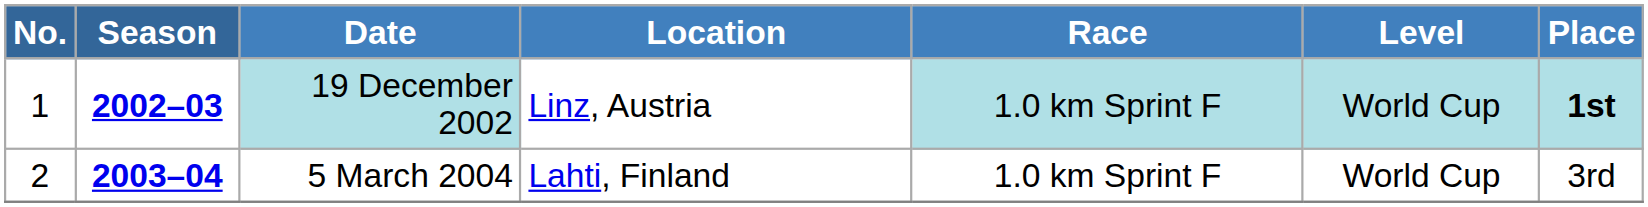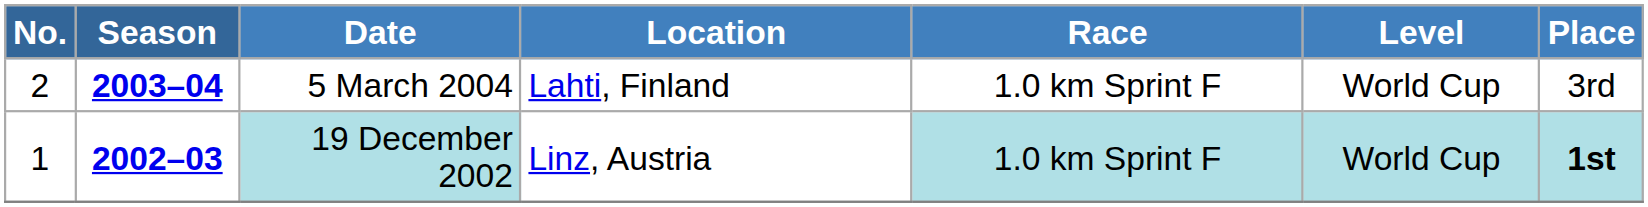 <table class="wikitable sortable" style="font-size:95%; text-align:center; border:grey solid 1px; border-collapse:collapse; background:#ffffff;">
 <tr style="background:#efefef;">
 <th style="background-color:#369; color:white;">No.</th>
 <th style="background-color:#369; color:white;">Season</th>
 <th style="background-color:#4180be; color:white; width:120px;">Date</th>
 <th style="background-color:#4180be; color:white; width:170px;">Location</th>
 <th style="background-color:#4180be; color:white; width:170px;">Race</th>
 <th style="background-color:#4180be; color:white; width:100px;">Level</th>
 <th style="background-color:#4180be; color:white;">Place</th>
 </tr>
 <tr>
+<td align=center>2</td>
+<td rowspan=1 align=center><strong> <a href='#'>2003–04</a> </strong></td>
+<td align=right>5 March 2004</td>
+<td align=left> <a href='#'>Lahti</a>, Finland</td>
+<td>1.0 km Sprint F</td>
+<td>World Cup</td>
+<td>3rd</td>
+</tr>
+<tr>
 <td align=center>1</td>
 <td rowspan=1 align=center><strong><a href='#'>2002–03</a></strong></td>
 <td bgcolor="#BOEOE6" align=right>19 December 2002</td>
 <td align=left> <a href='#'>Linz</a>, Austria</td>
 <td bgcolor="#BOEOE6">1.0 km Sprint F</td>
 <td bgcolor="#BOEOE6">World Cup</td>
 <td bgcolor="#BOEOE6"><strong>1st</strong></td>
 </tr>
 <tr>
-<td align=center>2</td>
-<td rowspan=1 align=center><strong> <a href='#'>2003–04</a> </strong></td>
-<td align=right>5 March 2004</td>
-<td align=left> <a href='#'>Lahti</a>, Finland</td>
-<td>1.0 km Sprint F</td>
-<td>World Cup</td>
-<td>3rd</td>
-</tr>
-<tr>
 </tr>
 </table>
